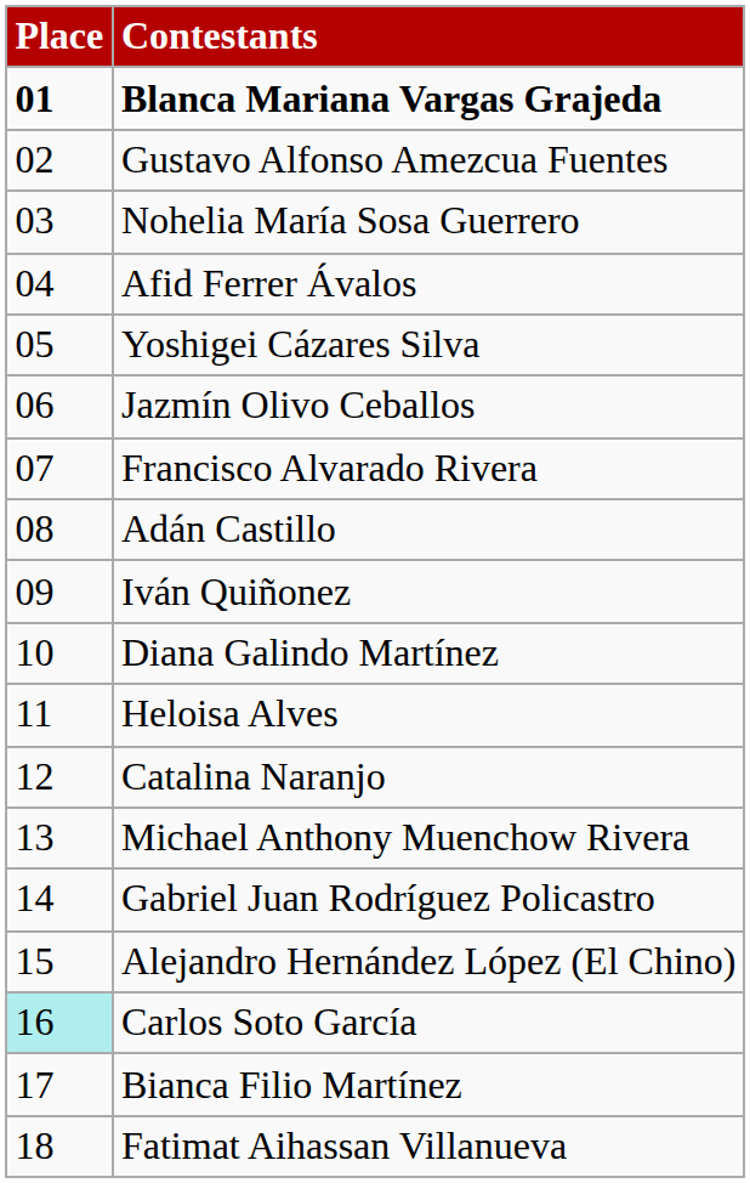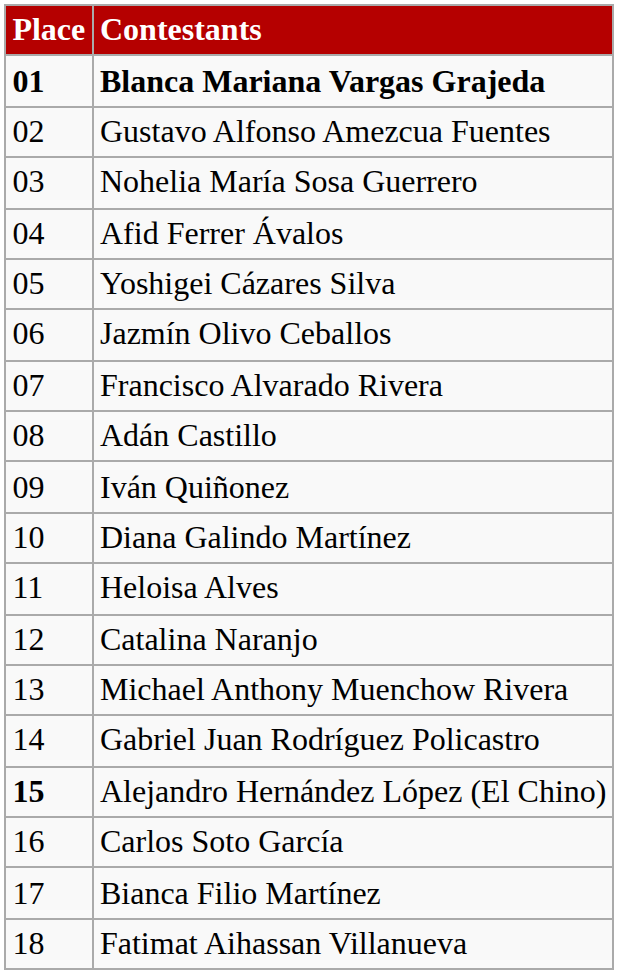 <table class="wikitable">
 <tr style="background:#B50000; color:White;">
 <td><strong>Place</strong></td>
 <td><strong>Contestants</strong></td>
 </tr>
 <tr>
 <td><strong>01</strong></td>
 <td><strong>Blanca Mariana Vargas Grajeda</strong></td>
 </tr>
 <tr>
 <td>02</td>
 <td>Gustavo Alfonso Amezcua Fuentes</td>
 </tr>
 <tr>
 <td>03</td>
 <td>Nohelia María Sosa Guerrero</td>
 </tr>
 <tr>
 <td>04</td>
 <td>Afid Ferrer Ávalos</td>
 </tr>
 <tr>
 <td>05</td>
 <td>Yoshigei Cázares Silva</td>
 </tr>
 <tr>
 <td>06</td>
 <td>Jazmín Olivo Ceballos</td>
 </tr>
 <tr>
 <td>07</td>
 <td>Francisco Alvarado Rivera</td>
 </tr>
 <tr>
 <td>08</td>
 <td>Adán Castillo</td>
 </tr>
 <tr>
 <td>09</td>
 <td>Iván Quiñonez</td>
 </tr>
 <tr>
 <td>10</td>
 <td>Diana Galindo Martínez</td>
 </tr>
 <tr>
 <td>11</td>
 <td>Heloisa Alves</td>
 </tr>
 <tr>
 <td>12</td>
 <td>Catalina Naranjo</td>
 </tr>
 <tr>
 <td>13</td>
 <td>Michael Anthony Muenchow Rivera</td>
 </tr>
 <tr>
 <td>14</td>
 <td>Gabriel Juan Rodríguez Policastro</td>
 </tr>
 <tr>
-<td>15</td>
+<td><strong>15</strong></td>
 <td>Alejandro Hernández López (El Chino)</td>
 </tr>
 <tr>
-<td style="background: paleturquoise;">16</td>
+<td>16</td>
 <td>Carlos Soto García</td>
 </tr>
 <tr>
 <td>17</td>
 <td>Bianca Filio Martínez</td>
 </tr>
 <tr>
 <td>18</td>
 <td>Fatimat Aihassan Villanueva</td>
 </tr>
 </table>
